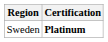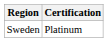 <table class="wikitable" ! style="background: #ffffff;">
 <tr>
 <th align="left">Region</th>
 <th align="left">Certification</th>
 </tr>
 <tr>
 <td align="left">Sweden</td>
-<td align="left"><strong>Platinum</strong></td>
+<td align="left">Platinum</td>
 </tr>
 </table>
